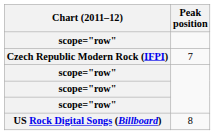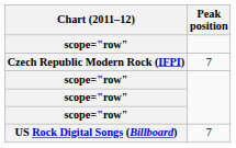 <table class="wikitable sortable plainrowheaders" style="text-align:center;">
 <tr>
 <th scope="col">Chart (2011–12)</th>
 <th scope="col">Peak<br>position</th>
 </tr>
 <tr>
 <th>scope="row" </th>
 </tr>
 <tr>
 <th scope="row">Czech Republic Modern Rock (<a href='#'>IFPI</a>)</th>
 <td>7</td>
 </tr>
 <tr>
 <th>scope="row" </th>
 </tr>
 <tr>
 <th>scope="row" </th>
 </tr>
 <tr>
 <th>scope="row" </th>
 </tr>
 <tr>
 <th scope="row">US <a href='#'>Rock Digital Songs</a> (<em><a href='#'>Billboard</a></em>)</th>
-<td align="center">8</td>
+<td align="center">7</td>
 </tr>
 </table>
